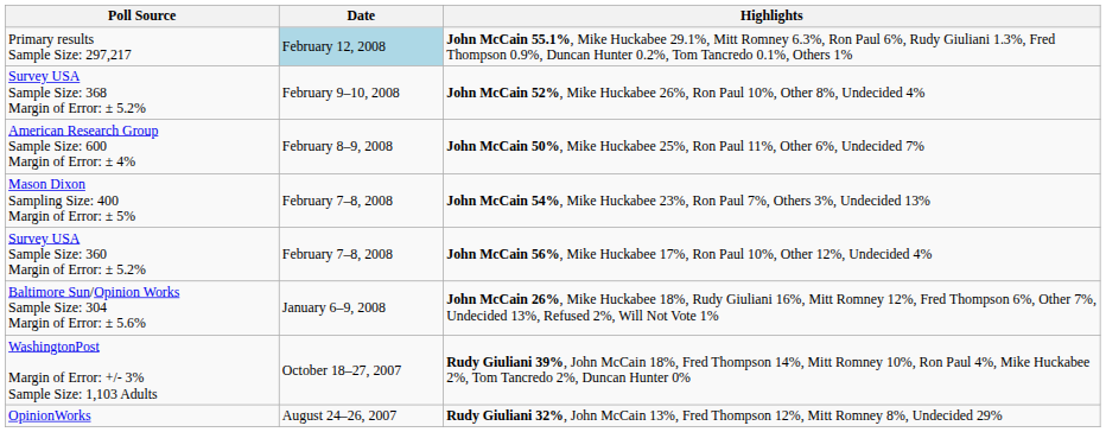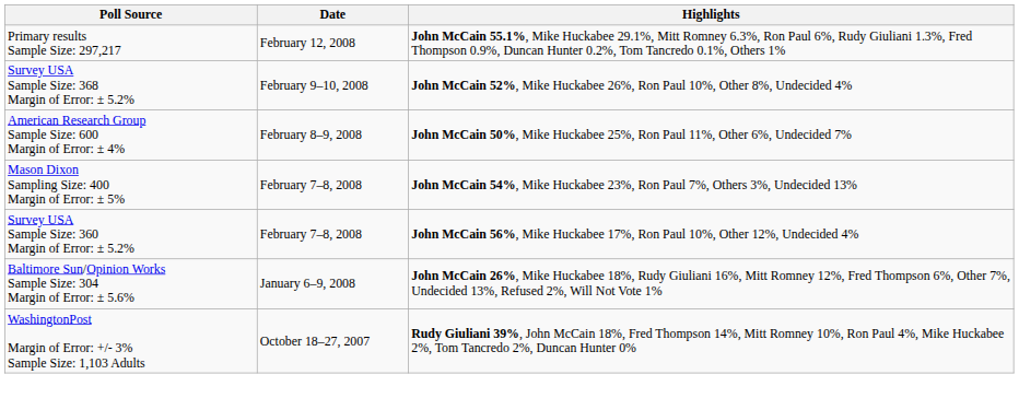 <table class="wikitable sortable">
 <tr>
 <th width="25%">Poll Source</th>
 <th width="15%">Date</th>
 <th width="60%">Highlights</th>
 </tr>
 <tr>
 <td>Primary results<br>Sample Size: 297,217<br></td>
-<td style="background: lightblue;">February 12, 2008</td>
+<td>February 12, 2008</td>
 <td><strong>John McCain 55.1%</strong>, Mike Huckabee 29.1%, Mitt Romney 6.3%, Ron Paul 6%, Rudy Giuliani 1.3%, Fred Thompson 0.9%, Duncan Hunter 0.2%, Tom Tancredo 0.1%, Others 1%</td>
 </tr>
 <tr>
 <td><a href='#'>Survey USA</a><br>Sample Size: 368<br> Margin of Error: ± 5.2%</td>
 <td>February 9–10, 2008</td>
 <td><strong>John McCain 52%</strong>, Mike Huckabee 26%, Ron Paul 10%, Other 8%, Undecided 4%</td>
 </tr>
 <tr>
 <td><a href='#'>American Research Group</a><br>Sample Size: 600<br> Margin of Error: ± 4%</td>
 <td>February 8–9, 2008</td>
 <td><strong>John McCain 50%</strong>, Mike Huckabee 25%, Ron Paul 11%, Other 6%, Undecided 7%</td>
 </tr>
 <tr>
 <td><a href='#'>Mason Dixon</a><br>Sampling Size: 400<br> Margin of Error: ± 5%</td>
 <td>February 7–8, 2008</td>
 <td><strong>John McCain 54%</strong>, Mike Huckabee 23%, Ron Paul 7%, Others 3%, Undecided 13%</td>
 </tr>
 <tr>
 <td><a href='#'>Survey USA</a><br>Sample Size: 360<br> Margin of Error: ± 5.2%</td>
 <td>February 7–8, 2008</td>
 <td><strong>John McCain 56%</strong>, Mike Huckabee 17%, Ron Paul 10%, Other 12%, Undecided 4%</td>
 </tr>
 <tr>
 <td><a href='#'>Baltimore Sun</a>/<a href='#'>Opinion Works</a><br>Sample Size: 304<br> Margin of Error: ± 5.6%</td>
 <td>January 6–9, 2008</td>
 <td><strong>John McCain 26%</strong>, Mike Huckabee 18%, Rudy Giuliani 16%, Mitt Romney 12%, Fred Thompson 6%, Other 7%, Undecided 13%, Refused 2%, Will Not Vote 1%</td>
 </tr>
 <tr>
 <td><a href='#'>WashingtonPost</a><br><br>Margin of Error: +/- 3%<br> Sample Size: 1,103 Adults</td>
 <td>October 18–27, 2007</td>
 <td><strong>Rudy Giuliani 39%</strong>, John McCain 18%, Fred Thompson 14%, Mitt Romney 10%, Ron Paul 4%, Mike Huckabee 2%, Tom Tancredo 2%, Duncan Hunter 0%</td>
 </tr>
-<tr>
-<td><a href='#'>OpinionWorks</a></td>
-<td>August 24–26, 2007</td>
-<td><strong>Rudy Giuliani 32%</strong>, John McCain 13%, Fred Thompson 12%, Mitt Romney 8%, Undecided 29%</td>
-</tr>
 </table>
